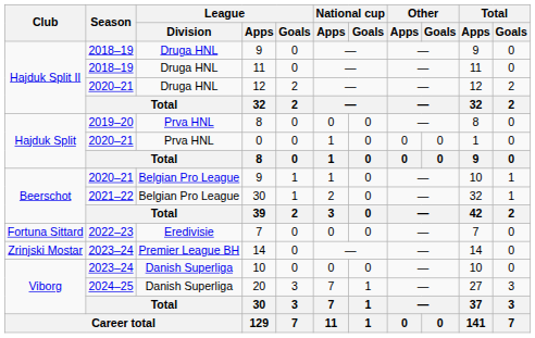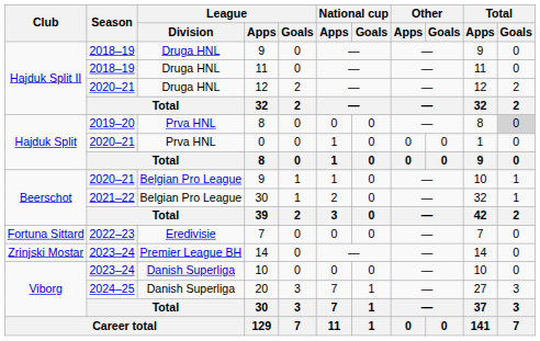 <table class="wikitable" style="text-align:center">
 <tr>
 <th rowspan="2">Club</th>
 <th rowspan="2">Season</th>
 <th colspan="3">League</th>
 <th colspan="2">National cup</th>
 <th colspan="2">Other</th>
 <th colspan="2">Total</th>
 </tr>
 <tr>
 <th>Division</th>
 <th>Apps</th>
 <th>Goals</th>
 <th>Apps</th>
 <th>Goals</th>
 <th>Apps</th>
 <th>Goals</th>
 <th>Apps</th>
 <th>Goals</th>
 </tr>
 <tr>
 <td rowspan="4"><a href='#'>Hajduk Split II</a></td>
 <td><a href='#'>2018–19</a></td>
 <td><a href='#'>Druga HNL</a></td>
 <td>9</td>
 <td>0</td>
 <td colspan="2">—</td>
 <td colspan="2">—</td>
 <td>9</td>
 <td>0</td>
 </tr>
 <tr>
 <td><a href='#'>2018–19</a></td>
 <td>Druga HNL</td>
 <td>11</td>
 <td>0</td>
 <td colspan="2">—</td>
 <td colspan="2">—</td>
 <td>11</td>
 <td>0</td>
 </tr>
 <tr>
 <td><a href='#'>2020–21</a></td>
 <td>Druga HNL</td>
 <td>12</td>
 <td>2</td>
 <td colspan="2">—</td>
 <td colspan="2">—</td>
 <td>12</td>
 <td>2</td>
 </tr>
 <tr>
 <th colspan="2">Total</th>
 <th>32</th>
 <th>2</th>
 <th colspan="2">—</th>
 <th colspan="2">—</th>
 <th>32</th>
 <th>2</th>
 </tr>
 <tr>
 <td rowspan="3"><a href='#'>Hajduk Split</a></td>
 <td><a href='#'>2019–20</a></td>
 <td><a href='#'>Prva HNL</a></td>
 <td>8</td>
 <td>0</td>
 <td>0</td>
 <td>0</td>
 <td colspan="2">—</td>
 <td>8</td>
-<td>0</td>
+<td style="background: lightgrey;">0</td>
 </tr>
 <tr>
 <td><a href='#'>2020–21</a></td>
 <td>Prva HNL</td>
 <td>0</td>
 <td>0</td>
 <td>1</td>
 <td>0</td>
 <td>0</td>
 <td>0</td>
 <td>1</td>
 <td>0</td>
 </tr>
 <tr>
 <th colspan="2">Total</th>
 <th>8</th>
 <th>0</th>
 <th>1</th>
 <th>0</th>
 <th>0</th>
 <th>0</th>
 <th>9</th>
 <th>0</th>
 </tr>
 <tr>
 <td rowspan="3"><a href='#'>Beerschot</a></td>
 <td><a href='#'>2020–21</a></td>
 <td><a href='#'>Belgian Pro League</a></td>
 <td>9</td>
 <td>1</td>
 <td>1</td>
 <td>0</td>
 <td colspan="2">—</td>
 <td>10</td>
 <td>1</td>
 </tr>
 <tr>
 <td><a href='#'>2021–22</a></td>
 <td>Belgian Pro League</td>
 <td>30</td>
 <td>1</td>
 <td>2</td>
 <td>0</td>
 <td colspan="2">—</td>
 <td>32</td>
 <td>1</td>
 </tr>
 <tr>
 <th colspan="2">Total</th>
 <th>39</th>
 <th>2</th>
 <th>3</th>
 <th>0</th>
 <th colspan="2">—</th>
 <th>42</th>
 <th>2</th>
 </tr>
 <tr>
 <td rowspan=1><a href='#'>Fortuna Sittard</a></td>
 <td><a href='#'>2022–23</a></td>
 <td><a href='#'>Eredivisie</a></td>
 <td>7</td>
 <td>0</td>
 <td>0</td>
 <td>0</td>
 <td colspan="2">—</td>
 <td>7</td>
 <td>0</td>
 </tr>
 <tr>
 <td rowspan=1><a href='#'>Zrinjski Mostar</a></td>
 <td><a href='#'>2023–24</a></td>
 <td><a href='#'>Premier League BH</a></td>
 <td>14</td>
 <td>0</td>
 <td colspan="2">—</td>
 <td colspan="2">—</td>
 <td>14</td>
 <td>0</td>
 </tr>
 <tr>
 <td rowspan=3><a href='#'>Viborg</a></td>
 <td><a href='#'>2023–24</a></td>
 <td><a href='#'>Danish Superliga</a></td>
 <td>10</td>
 <td>0</td>
 <td>0</td>
 <td>0</td>
 <td colspan=2>—</td>
 <td>10</td>
 <td>0</td>
 </tr>
 <tr>
 <td><a href='#'>2024–25</a></td>
 <td>Danish Superliga</td>
 <td>20</td>
 <td>3</td>
 <td>7</td>
 <td>1</td>
 <td colspan=2>—</td>
 <td>27</td>
 <td>3</td>
 </tr>
 <tr>
 <th colspan=2>Total</th>
 <th>30</th>
 <th>3</th>
 <th>7</th>
 <th>1</th>
 <th colspan=2>—</th>
 <th>37</th>
 <th>3</th>
 </tr>
 <tr>
 <th colspan="3">Career total</th>
 <th>129</th>
 <th>7</th>
 <th>11</th>
 <th>1</th>
 <th>0</th>
 <th>0</th>
 <th>141</th>
 <th>7</th>
 </tr>
 </table>
